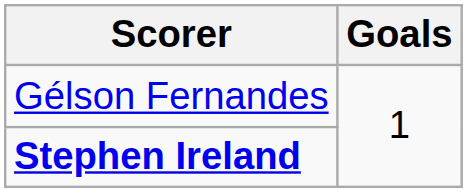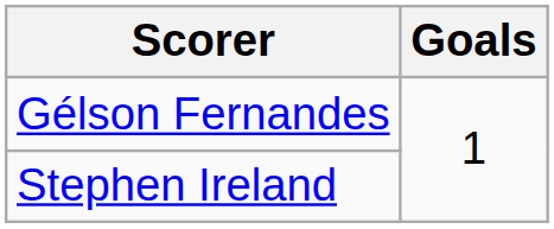 <table class="wikitable">
 <tr>
 <th>Scorer</th>
 <th>Goals</th>
 </tr>
 <tr>
 <td> <a href='#'>Gélson Fernandes</a></td>
 <td rowspan="2" style="text-align:center;">1</td>
 </tr>
 <tr>
-<td><strong> <a href='#'>Stephen Ireland</a></strong></td>
+<td> <a href='#'>Stephen Ireland</a></td>
 </tr>
 </table>
